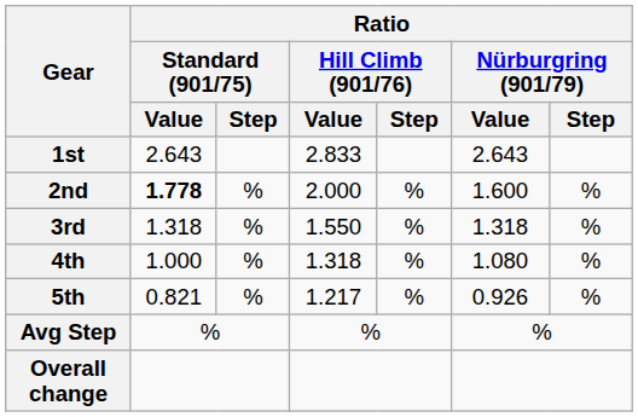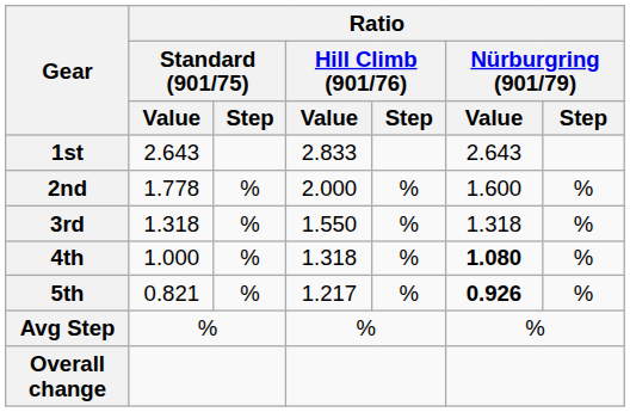 <table class="wikitable floatright" style="text-align:center;font-size:90%;width:28em;">
 <tr>
 <th rowspan=3>Gear</th>
 <th colspan=6>Ratio</th>
 </tr>
 <tr>
 <th colspan=2>Standard (901/75)</th>
 <th colspan=2><a href='#'>Hill Climb</a> (901/76)</th>
 <th colspan=2><a href='#'>Nürburgring</a> (901/79)</th>
 </tr>
 <tr>
 <th>Value</th>
 <th>Step</th>
 <th>Value</th>
 <th>Step</th>
 <th>Value</th>
 <th>Step</th>
 </tr>
 <tr>
 <th>1st</th>
 <td>2.643</td>
 <td></td>
 <td>2.833</td>
 <td></td>
 <td>2.643</td>
 <td></td>
 </tr>
 <tr>
 <th>2nd</th>
-<td><strong>1.778</strong></td>
+<td>1.778</td>
 <td>%</td>
 <td>2.000</td>
 <td>%</td>
 <td>1.600</td>
 <td>%</td>
 </tr>
 <tr>
 <th>3rd</th>
 <td>1.318</td>
 <td>%</td>
 <td>1.550</td>
 <td>%</td>
 <td>1.318</td>
 <td>%</td>
 </tr>
 <tr>
 <th>4th</th>
 <td>1.000</td>
 <td>%</td>
 <td>1.318</td>
 <td>%</td>
-<td>1.080</td>
+<td><strong>1.080</strong></td>
 <td>%</td>
 </tr>
 <tr>
 <th>5th</th>
 <td>0.821</td>
 <td>%</td>
 <td>1.217</td>
 <td>%</td>
-<td>0.926</td>
+<td><strong>0.926</strong></td>
 <td>%</td>
 </tr>
 <tr>
 <th>Avg Step</th>
 <td colspan=2>%</td>
 <td colspan=2>%</td>
 <td colspan=2>%</td>
 </tr>
 <tr>
 <th>Overall change</th>
 <td colspan=2></td>
 <td colspan=2></td>
 <td colspan=2></td>
 </tr>
 </table>
